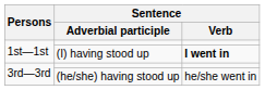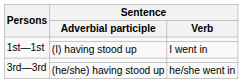 <table class="wikitable">
 <tr>
 <th rowspan=2>Persons</th>
 <th colspan=2>Sentence</th>
 </tr>
 <tr>
 <th>Adverbial participle</th>
 <th>Verb</th>
 </tr>
 <tr>
 <td rowspan=2>1st—1st</td>
 <td></td>
 <td></td>
 </tr>
 <tr>
 <td>(I) having stood up</td>
-<td><strong>I went in</strong></td>
+<td>I went in</td>
 </tr>
 <tr>
 <td rowspan=2>3rd—3rd</td>
 <td></td>
 <td></td>
 </tr>
 <tr>
 <td>(he/she) having stood up</td>
 <td>he/she went in</td>
 </tr>
 </table>
